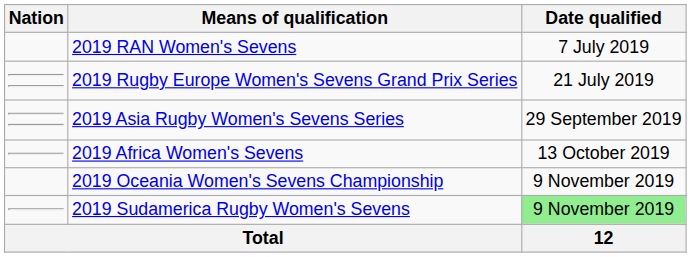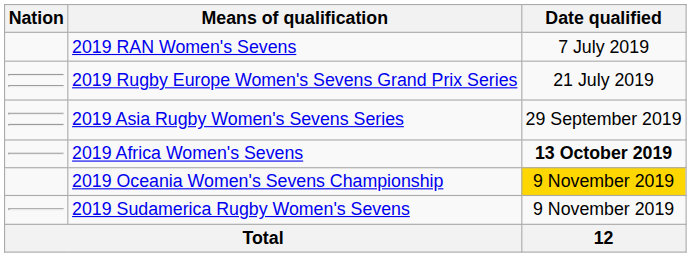 <table class="wikitable">
 <tr>
 <th>Nation</th>
 <th>Means of qualification</th>
 <th>Date qualified</th>
 </tr>
 <tr>
 <td></td>
 <td><a href='#'>2019 RAN Women's Sevens</a></td>
 <td align=center>7 July 2019</td>
 </tr>
 <tr>
 <td><hr><hr></td>
 <td><a href='#'>2019 Rugby Europe Women's Sevens Grand Prix Series</a></td>
 <td align=center>21 July 2019</td>
 </tr>
 <tr>
 <td><hr><hr></td>
 <td><a href='#'>2019 Asia Rugby Women's Sevens Series</a></td>
 <td align=center>29 September 2019</td>
 </tr>
 <tr>
 <td><hr></td>
 <td><a href='#'>2019 Africa Women's Sevens</a></td>
-<td align=center>13 October 2019</td>
+<td align=center><strong>13 October 2019</strong></td>
 </tr>
 <tr>
 <td></td>
 <td><a href='#'>2019 Oceania Women's Sevens Championship</a></td>
-<td align=center>9 November 2019</td>
+<td align=center style="background: gold;">9 November 2019</td>
 </tr>
 <tr>
 <td><hr></td>
 <td><a href='#'>2019 Sudamerica Rugby Women's Sevens</a></td>
-<td align=center style="background: lightgreen;">9 November 2019</td>
+<td align=center>9 November 2019</td>
 </tr>
 <tr>
 <th colspan=2>Total</th>
 <th>12</th>
 </tr>
 </table>
